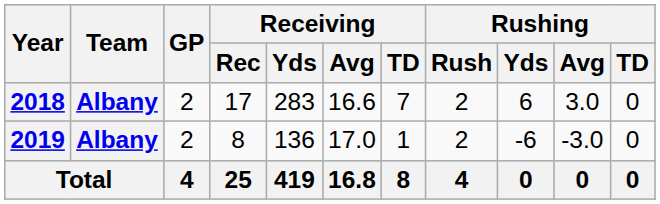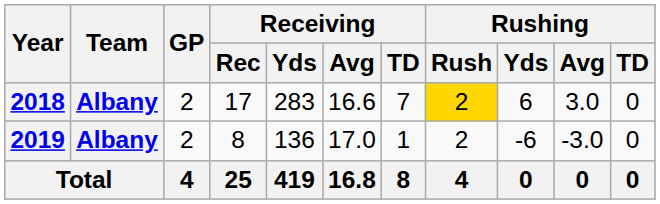 <table class=wikitable style="text-align:center;">
 <tr>
 <th rowspan="2">Year</th>
 <th rowspan="2">Team</th>
 <th rowspan="2">GP</th>
 <th colspan="4">Receiving</th>
 <th colspan="5">Rushing</th>
 </tr>
 <tr>
 <th>Rec</th>
 <th>Yds</th>
 <th>Avg</th>
 <th>TD</th>
 <th>Rush</th>
 <th>Yds</th>
 <th>Avg</th>
 <th>TD</th>
 </tr>
 <tr>
 <th><a href='#'>2018</a></th>
 <th><a href='#'>Albany</a></th>
 <td>2</td>
 <td>17</td>
 <td>283</td>
 <td>16.6</td>
 <td>7</td>
-<td>2</td>
+<td style="background: gold;">2</td>
 <td>6</td>
 <td>3.0</td>
 <td>0</td>
 </tr>
 <tr>
 <th><a href='#'>2019</a></th>
 <th><a href='#'>Albany</a></th>
 <td>2</td>
 <td>8</td>
 <td>136</td>
 <td>17.0</td>
 <td>1</td>
 <td>2</td>
 <td>-6</td>
 <td>-3.0</td>
 <td>0</td>
 </tr>
 <tr>
 <th colspan="2">Total</th>
 <th>4</th>
 <th>25</th>
 <th>419</th>
 <th>16.8</th>
 <th>8</th>
 <th>4</th>
 <th>0</th>
 <th>0</th>
 <th>0</th>
 </tr>
 </table>
